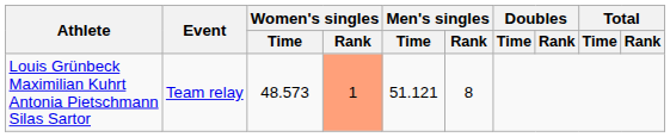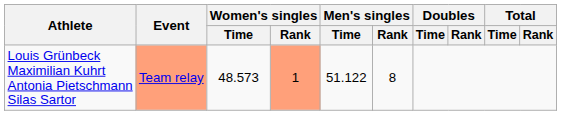 <table class="wikitable" style="font-size:90%">
 <tr>
 <th rowspan="2">Athlete</th>
 <th rowspan="2">Event</th>
 <th colspan=2>Women's singles</th>
 <th colspan=2>Men's singles</th>
 <th colspan=2>Doubles</th>
 <th colspan=2>Total</th>
 </tr>
 <tr style="font-size:95%">
 <th>Time</th>
 <th>Rank</th>
 <th>Time</th>
 <th>Rank</th>
 <th>Time</th>
 <th>Rank</th>
 <th>Time</th>
 <th>Rank</th>
 </tr>
 <tr align=center>
 <td align=left><a href='#'>Louis Grünbeck</a><br><a href='#'>Maximilian Kuhrt</a><br><a href='#'>Antonia Pietschmann</a><br><a href='#'>Silas Sartor</a></td>
-<td align=left><a href='#'>Team relay</a></td>
+<td align=left style="background: lightsalmon;"><a href='#'>Team relay</a></td>
 <td>48.573</td>
 <td style="background: lightsalmon;">1</td>
-<td>51.121</td>
+<td>51.122</td>
 <td>8</td>
 <td colspan=4></td>
 </tr>
 </table>
